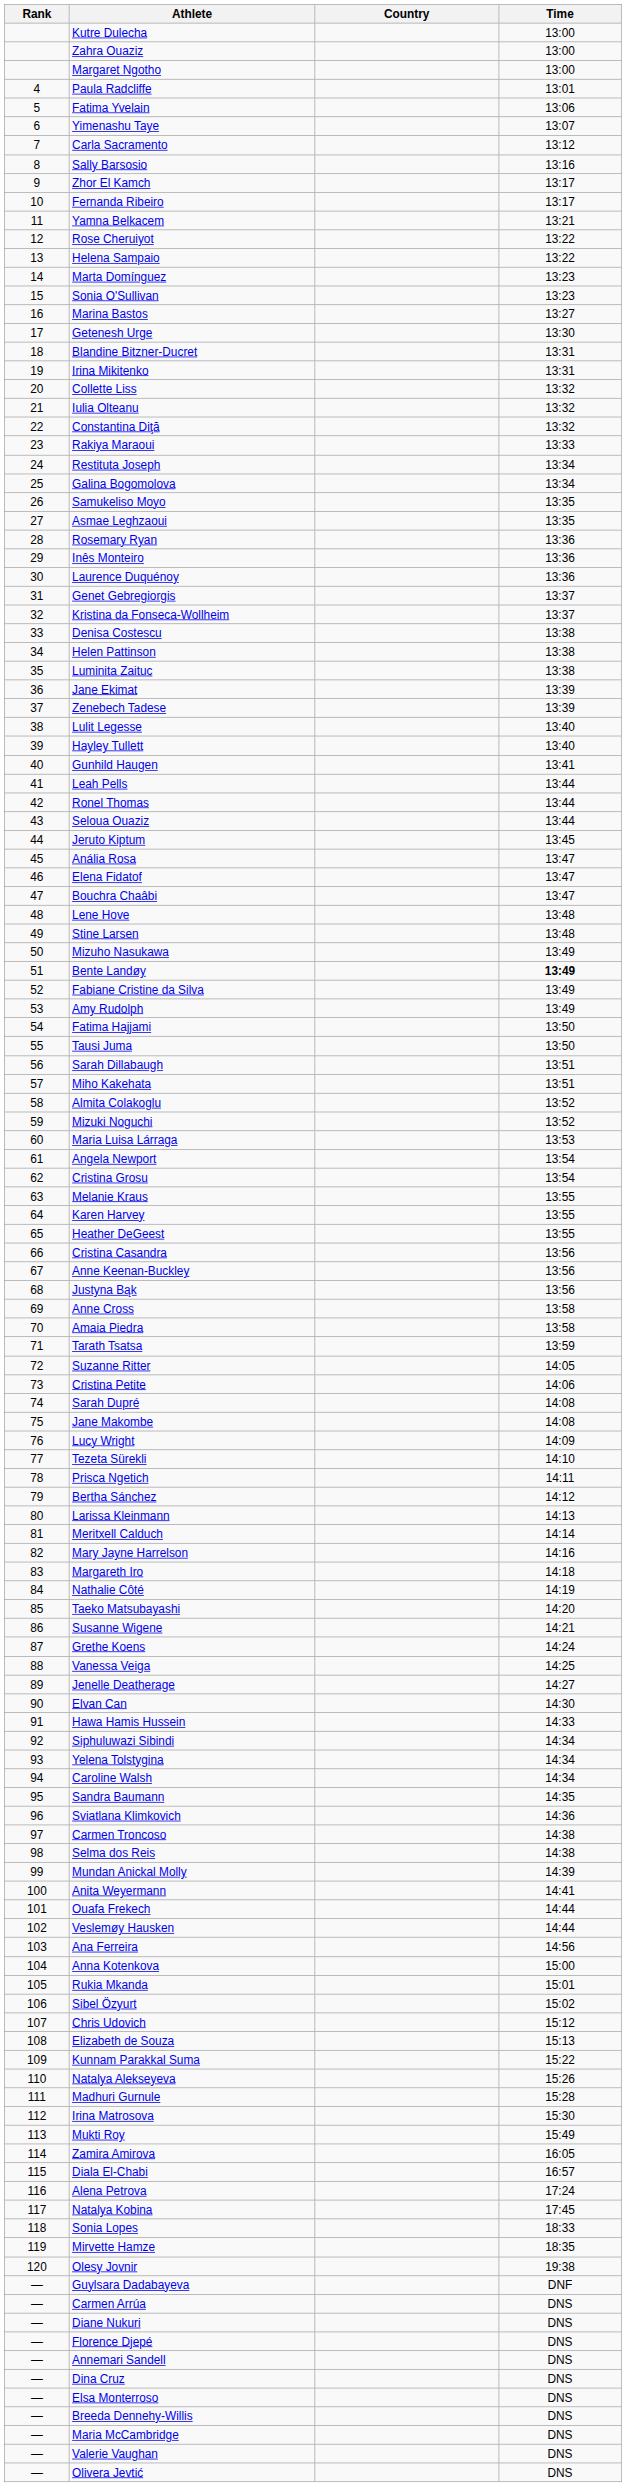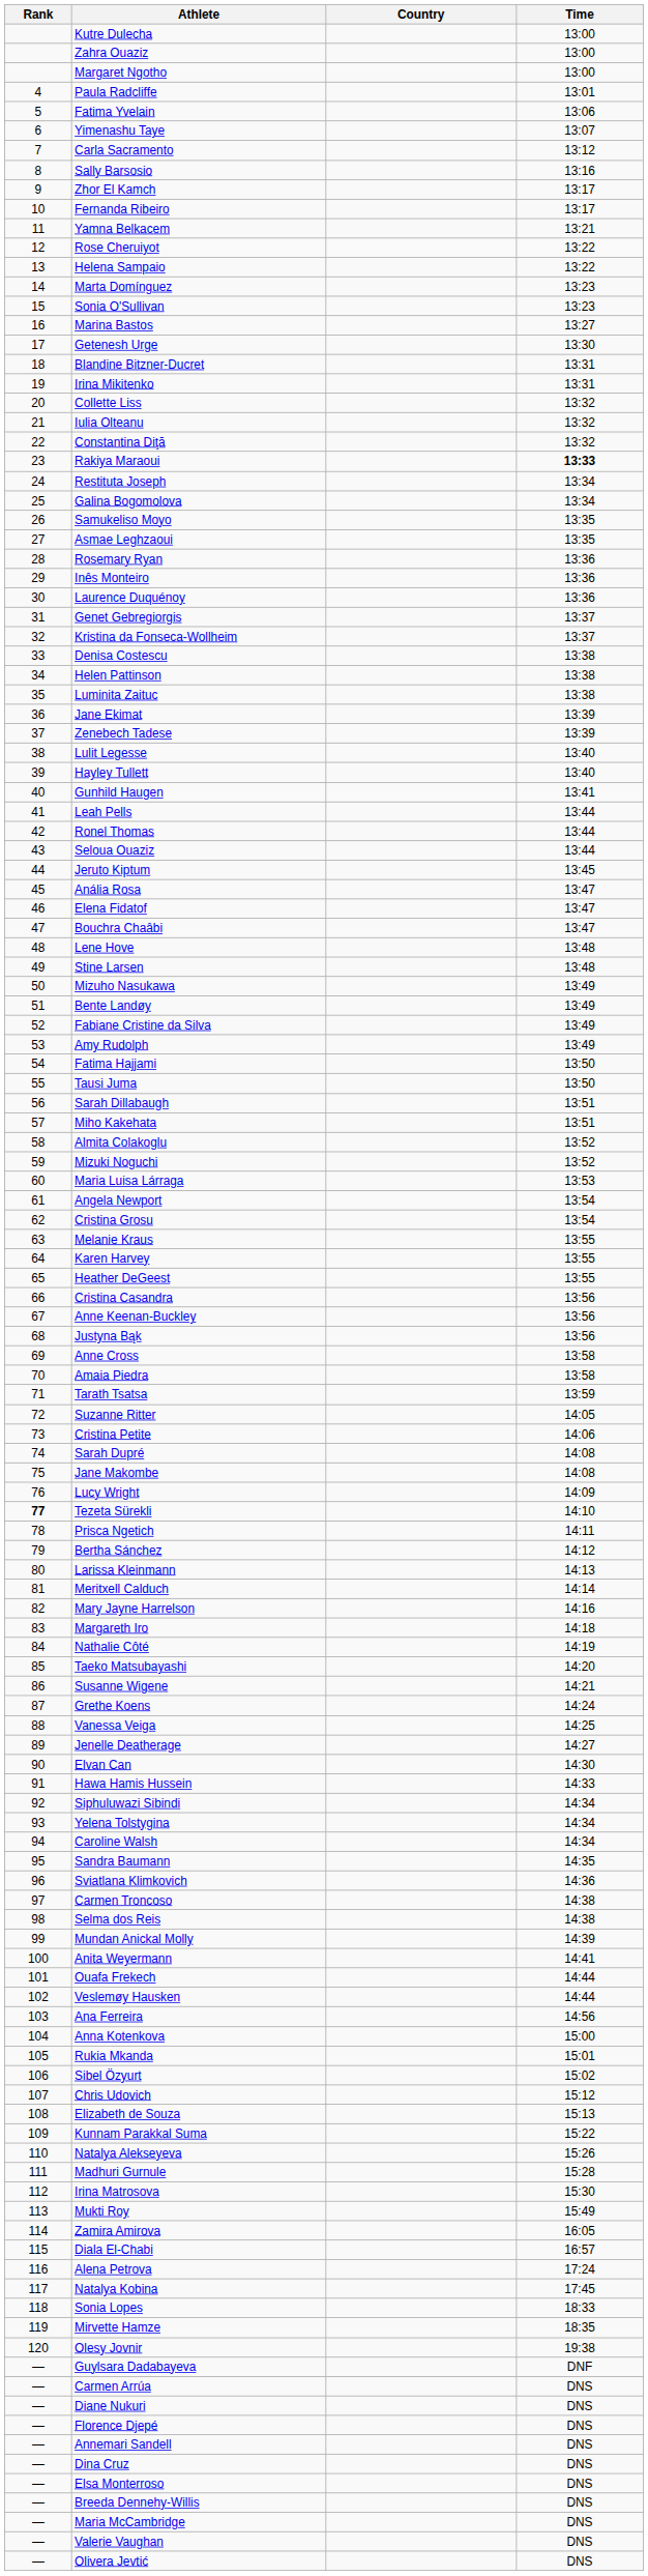 <table class="wikitable sortable" style=" text-align:center; font-size:95%;" width="50%">
 <tr>
 <th width=5%>Rank</th>
 <th width=20%>Athlete</th>
 <th width=15%>Country</th>
 <th width=10%>Time</th>
 </tr>
 <tr>
 <td align=center></td>
 <td align=left><a href='#'>Kutre Dulecha</a></td>
 <td align=left></td>
 <td>13:00</td>
 </tr>
 <tr>
 <td align=center></td>
 <td align=left><a href='#'>Zahra Ouaziz</a></td>
 <td align=left></td>
 <td>13:00</td>
 </tr>
 <tr>
 <td align=center></td>
 <td align=left><a href='#'>Margaret Ngotho</a></td>
 <td align=left></td>
 <td>13:00</td>
 </tr>
 <tr>
 <td align=center>4</td>
 <td align=left><a href='#'>Paula Radcliffe</a></td>
 <td align=left></td>
 <td>13:01</td>
 </tr>
 <tr>
 <td align=center>5</td>
 <td align=left><a href='#'>Fatima Yvelain</a></td>
 <td align=left></td>
 <td>13:06</td>
 </tr>
 <tr>
 <td align=center>6</td>
 <td align=left><a href='#'>Yimenashu Taye</a></td>
 <td align=left></td>
 <td>13:07</td>
 </tr>
 <tr>
 <td align=center>7</td>
 <td align=left><a href='#'>Carla Sacramento</a></td>
 <td align=left></td>
 <td>13:12</td>
 </tr>
 <tr>
 <td align=center>8</td>
 <td align=left><a href='#'>Sally Barsosio</a></td>
 <td align=left></td>
 <td>13:16</td>
 </tr>
 <tr>
 <td align=center>9</td>
 <td align=left><a href='#'>Zhor El Kamch</a></td>
 <td align=left></td>
 <td>13:17</td>
 </tr>
 <tr>
 <td align=center>10</td>
 <td align=left><a href='#'>Fernanda Ribeiro</a></td>
 <td align=left></td>
 <td>13:17</td>
 </tr>
 <tr>
 <td align=center>11</td>
 <td align=left><a href='#'>Yamna Belkacem</a></td>
 <td align=left></td>
 <td>13:21</td>
 </tr>
 <tr>
 <td align=center>12</td>
 <td align=left><a href='#'>Rose Cheruiyot</a></td>
 <td align=left></td>
 <td>13:22</td>
 </tr>
 <tr>
 <td align=center>13</td>
 <td align=left><a href='#'>Helena Sampaio</a></td>
 <td align=left></td>
 <td>13:22</td>
 </tr>
 <tr>
 <td align=center>14</td>
 <td align=left><a href='#'>Marta Domínguez</a></td>
 <td align=left></td>
 <td>13:23</td>
 </tr>
 <tr>
 <td align=center>15</td>
 <td align=left><a href='#'>Sonia O'Sullivan</a></td>
 <td align=left></td>
 <td>13:23</td>
 </tr>
 <tr>
 <td align=center>16</td>
 <td align=left><a href='#'>Marina Bastos</a></td>
 <td align=left></td>
 <td>13:27</td>
 </tr>
 <tr>
 <td align=center>17</td>
 <td align=left><a href='#'>Getenesh Urge</a></td>
 <td align=left></td>
 <td>13:30</td>
 </tr>
 <tr>
 <td align=center>18</td>
 <td align=left><a href='#'>Blandine Bitzner-Ducret</a></td>
 <td align=left></td>
 <td>13:31</td>
 </tr>
 <tr>
 <td align=center>19</td>
 <td align=left><a href='#'>Irina Mikitenko</a></td>
 <td align=left></td>
 <td>13:31</td>
 </tr>
 <tr>
 <td align=center>20</td>
 <td align=left><a href='#'>Collette Liss</a></td>
 <td align=left></td>
 <td>13:32</td>
 </tr>
 <tr>
 <td align=center>21</td>
 <td align=left><a href='#'>Iulia Olteanu</a></td>
 <td align=left></td>
 <td>13:32</td>
 </tr>
 <tr>
 <td align=center>22</td>
 <td align=left><a href='#'>Constantina Diţă</a></td>
 <td align=left></td>
 <td>13:32</td>
 </tr>
 <tr>
 <td align=center>23</td>
 <td align=left><a href='#'>Rakiya Maraoui</a></td>
 <td align=left></td>
-<td>13:33</td>
+<td><strong>13:33</strong></td>
 </tr>
 <tr>
 <td align=center>24</td>
 <td align=left><a href='#'>Restituta Joseph</a></td>
 <td align=left></td>
 <td>13:34</td>
 </tr>
 <tr>
 <td align=center>25</td>
 <td align=left><a href='#'>Galina Bogomolova</a></td>
 <td align=left></td>
 <td>13:34</td>
 </tr>
 <tr>
 <td align=center>26</td>
 <td align=left><a href='#'>Samukeliso Moyo</a></td>
 <td align=left></td>
 <td>13:35</td>
 </tr>
 <tr>
 <td align=center>27</td>
 <td align=left><a href='#'>Asmae Leghzaoui</a></td>
 <td align=left></td>
 <td>13:35</td>
 </tr>
 <tr>
 <td align=center>28</td>
 <td align=left><a href='#'>Rosemary Ryan</a></td>
 <td align=left></td>
 <td>13:36</td>
 </tr>
 <tr>
 <td align=center>29</td>
 <td align=left><a href='#'>Inês Monteiro</a></td>
 <td align=left></td>
 <td>13:36</td>
 </tr>
 <tr>
 <td align=center>30</td>
 <td align=left><a href='#'>Laurence Duquénoy</a></td>
 <td align=left></td>
 <td>13:36</td>
 </tr>
 <tr>
 <td align=center>31</td>
 <td align=left><a href='#'>Genet Gebregiorgis</a></td>
 <td align=left></td>
 <td>13:37</td>
 </tr>
 <tr>
 <td align=center>32</td>
 <td align=left><a href='#'>Kristina da Fonseca-Wollheim</a></td>
 <td align=left></td>
 <td>13:37</td>
 </tr>
 <tr>
 <td align=center>33</td>
 <td align=left><a href='#'>Denisa Costescu</a></td>
 <td align=left></td>
 <td>13:38</td>
 </tr>
 <tr>
 <td align=center>34</td>
 <td align=left><a href='#'>Helen Pattinson</a></td>
 <td align=left></td>
 <td>13:38</td>
 </tr>
 <tr>
 <td align=center>35</td>
 <td align=left><a href='#'>Luminita Zaituc</a></td>
 <td align=left></td>
 <td>13:38</td>
 </tr>
 <tr>
 <td align=center>36</td>
 <td align=left><a href='#'>Jane Ekimat</a></td>
 <td align=left></td>
 <td>13:39</td>
 </tr>
 <tr>
 <td align=center>37</td>
 <td align=left><a href='#'>Zenebech Tadese</a></td>
 <td align=left></td>
 <td>13:39</td>
 </tr>
 <tr>
 <td align=center>38</td>
 <td align=left><a href='#'>Lulit Legesse</a></td>
 <td align=left></td>
 <td>13:40</td>
 </tr>
 <tr>
 <td align=center>39</td>
 <td align=left><a href='#'>Hayley Tullett</a></td>
 <td align=left></td>
 <td>13:40</td>
 </tr>
 <tr>
 <td align=center>40</td>
 <td align=left><a href='#'>Gunhild Haugen</a></td>
 <td align=left></td>
 <td>13:41</td>
 </tr>
 <tr>
 <td align=center>41</td>
 <td align=left><a href='#'>Leah Pells</a></td>
 <td align=left></td>
 <td>13:44</td>
 </tr>
 <tr>
 <td align=center>42</td>
 <td align=left><a href='#'>Ronel Thomas</a></td>
 <td align=left></td>
 <td>13:44</td>
 </tr>
 <tr>
 <td align=center>43</td>
 <td align=left><a href='#'>Seloua Ouaziz</a></td>
 <td align=left></td>
 <td>13:44</td>
 </tr>
 <tr>
 <td align=center>44</td>
 <td align=left><a href='#'>Jeruto Kiptum</a></td>
 <td align=left></td>
 <td>13:45</td>
 </tr>
 <tr>
 <td align=center>45</td>
 <td align=left><a href='#'>Anália Rosa</a></td>
 <td align=left></td>
 <td>13:47</td>
 </tr>
 <tr>
 <td align=center>46</td>
 <td align=left><a href='#'>Elena Fidatof</a></td>
 <td align=left></td>
 <td>13:47</td>
 </tr>
 <tr>
 <td align=center>47</td>
 <td align=left><a href='#'>Bouchra Chaâbi</a></td>
 <td align=left></td>
 <td>13:47</td>
 </tr>
 <tr>
 <td align=center>48</td>
 <td align=left><a href='#'>Lene Hove</a></td>
 <td align=left></td>
 <td>13:48</td>
 </tr>
 <tr>
 <td align=center>49</td>
 <td align=left><a href='#'>Stine Larsen</a></td>
 <td align=left></td>
 <td>13:48</td>
 </tr>
 <tr>
 <td align=center>50</td>
 <td align=left><a href='#'>Mizuho Nasukawa</a></td>
 <td align=left></td>
 <td>13:49</td>
 </tr>
 <tr>
 <td align=center>51</td>
 <td align=left><a href='#'>Bente Landøy</a></td>
 <td align=left></td>
-<td><strong>13:49</strong></td>
+<td>13:49</td>
 </tr>
 <tr>
 <td align=center>52</td>
 <td align=left><a href='#'>Fabiane Cristine da Silva</a></td>
 <td align=left></td>
 <td>13:49</td>
 </tr>
 <tr>
 <td align=center>53</td>
 <td align=left><a href='#'>Amy Rudolph</a></td>
 <td align=left></td>
 <td>13:49</td>
 </tr>
 <tr>
 <td align=center>54</td>
 <td align=left><a href='#'>Fatima Hajjami</a></td>
 <td align=left></td>
 <td>13:50</td>
 </tr>
 <tr>
 <td align=center>55</td>
 <td align=left><a href='#'>Tausi Juma</a></td>
 <td align=left></td>
 <td>13:50</td>
 </tr>
 <tr>
 <td align=center>56</td>
 <td align=left><a href='#'>Sarah Dillabaugh</a></td>
 <td align=left></td>
 <td>13:51</td>
 </tr>
 <tr>
 <td align=center>57</td>
 <td align=left><a href='#'>Miho Kakehata</a></td>
 <td align=left></td>
 <td>13:51</td>
 </tr>
 <tr>
 <td align=center>58</td>
 <td align=left><a href='#'>Almita Colakoglu</a></td>
 <td align=left></td>
 <td>13:52</td>
 </tr>
 <tr>
 <td align=center>59</td>
 <td align=left><a href='#'>Mizuki Noguchi</a></td>
 <td align=left></td>
 <td>13:52</td>
 </tr>
 <tr>
 <td align=center>60</td>
 <td align=left><a href='#'>Maria Luisa Lárraga</a></td>
 <td align=left></td>
 <td>13:53</td>
 </tr>
 <tr>
 <td align=center>61</td>
 <td align=left><a href='#'>Angela Newport</a></td>
 <td align=left></td>
 <td>13:54</td>
 </tr>
 <tr>
 <td align=center>62</td>
 <td align=left><a href='#'>Cristina Grosu</a></td>
 <td align=left></td>
 <td>13:54</td>
 </tr>
 <tr>
 <td align=center>63</td>
 <td align=left><a href='#'>Melanie Kraus</a></td>
 <td align=left></td>
 <td>13:55</td>
 </tr>
 <tr>
 <td align=center>64</td>
 <td align=left><a href='#'>Karen Harvey</a></td>
 <td align=left></td>
 <td>13:55</td>
 </tr>
 <tr>
 <td align=center>65</td>
 <td align=left><a href='#'>Heather DeGeest</a></td>
 <td align=left></td>
 <td>13:55</td>
 </tr>
 <tr>
 <td align=center>66</td>
 <td align=left><a href='#'>Cristina Casandra</a></td>
 <td align=left></td>
 <td>13:56</td>
 </tr>
 <tr>
 <td align=center>67</td>
 <td align=left><a href='#'>Anne Keenan-Buckley</a></td>
 <td align=left></td>
 <td>13:56</td>
 </tr>
 <tr>
 <td align=center>68</td>
 <td align=left><a href='#'>Justyna Bąk</a></td>
 <td align=left></td>
 <td>13:56</td>
 </tr>
 <tr>
 <td align=center>69</td>
 <td align=left><a href='#'>Anne Cross</a></td>
 <td align=left></td>
 <td>13:58</td>
 </tr>
 <tr>
 <td align=center>70</td>
 <td align=left><a href='#'>Amaia Piedra</a></td>
 <td align=left></td>
 <td>13:58</td>
 </tr>
 <tr>
 <td align=center>71</td>
 <td align=left><a href='#'>Tarath Tsatsa</a></td>
 <td align=left></td>
 <td>13:59</td>
 </tr>
 <tr>
 <td align=center>72</td>
 <td align=left><a href='#'>Suzanne Ritter</a></td>
 <td align=left></td>
 <td>14:05</td>
 </tr>
 <tr>
 <td align=center>73</td>
 <td align=left><a href='#'>Cristina Petite</a></td>
 <td align=left></td>
 <td>14:06</td>
 </tr>
 <tr>
 <td align=center>74</td>
 <td align=left><a href='#'>Sarah Dupré</a></td>
 <td align=left></td>
 <td>14:08</td>
 </tr>
 <tr>
 <td align=center>75</td>
 <td align=left><a href='#'>Jane Makombe</a></td>
 <td align=left></td>
 <td>14:08</td>
 </tr>
 <tr>
 <td align=center>76</td>
 <td align=left><a href='#'>Lucy Wright</a></td>
 <td align=left></td>
 <td>14:09</td>
 </tr>
 <tr>
-<td align=center>77</td>
+<td align=center><strong>77</strong></td>
 <td align=left><a href='#'>Tezeta Sürekli</a></td>
 <td align=left></td>
 <td>14:10</td>
 </tr>
 <tr>
 <td align=center>78</td>
 <td align=left><a href='#'>Prisca Ngetich</a></td>
 <td align=left></td>
 <td>14:11</td>
 </tr>
 <tr>
 <td align=center>79</td>
 <td align=left><a href='#'>Bertha Sánchez</a></td>
 <td align=left></td>
 <td>14:12</td>
 </tr>
 <tr>
 <td align=center>80</td>
 <td align=left><a href='#'>Larissa Kleinmann</a></td>
 <td align=left></td>
 <td>14:13</td>
 </tr>
 <tr>
 <td align=center>81</td>
 <td align=left><a href='#'>Meritxell Calduch</a></td>
 <td align=left></td>
 <td>14:14</td>
 </tr>
 <tr>
 <td align=center>82</td>
 <td align=left><a href='#'>Mary Jayne Harrelson</a></td>
 <td align=left></td>
 <td>14:16</td>
 </tr>
 <tr>
 <td align=center>83</td>
 <td align=left><a href='#'>Margareth Iro</a></td>
 <td align=left></td>
 <td>14:18</td>
 </tr>
 <tr>
 <td align=center>84</td>
 <td align=left><a href='#'>Nathalie Côté</a></td>
 <td align=left></td>
 <td>14:19</td>
 </tr>
 <tr>
 <td align=center>85</td>
 <td align=left><a href='#'>Taeko Matsubayashi</a></td>
 <td align=left></td>
 <td>14:20</td>
 </tr>
 <tr>
 <td align=center>86</td>
 <td align=left><a href='#'>Susanne Wigene</a></td>
 <td align=left></td>
 <td>14:21</td>
 </tr>
 <tr>
 <td align=center>87</td>
 <td align=left><a href='#'>Grethe Koens</a></td>
 <td align=left></td>
 <td>14:24</td>
 </tr>
 <tr>
 <td align=center>88</td>
 <td align=left><a href='#'>Vanessa Veiga</a></td>
 <td align=left></td>
 <td>14:25</td>
 </tr>
 <tr>
 <td align=center>89</td>
 <td align=left><a href='#'>Jenelle Deatherage</a></td>
 <td align=left></td>
 <td>14:27</td>
 </tr>
 <tr>
 <td align=center>90</td>
 <td align=left><a href='#'>Elvan Can</a></td>
 <td align=left></td>
 <td>14:30</td>
 </tr>
 <tr>
 <td align=center>91</td>
 <td align=left><a href='#'>Hawa Hamis Hussein</a></td>
 <td align=left></td>
 <td>14:33</td>
 </tr>
 <tr>
 <td align=center>92</td>
 <td align=left><a href='#'>Siphuluwazi Sibindi</a></td>
 <td align=left></td>
 <td>14:34</td>
 </tr>
 <tr>
 <td align=center>93</td>
 <td align=left><a href='#'>Yelena Tolstygina</a></td>
 <td align=left></td>
 <td>14:34</td>
 </tr>
 <tr>
 <td align=center>94</td>
 <td align=left><a href='#'>Caroline Walsh</a></td>
 <td align=left></td>
 <td>14:34</td>
 </tr>
 <tr>
 <td align=center>95</td>
 <td align=left><a href='#'>Sandra Baumann</a></td>
 <td align=left></td>
 <td>14:35</td>
 </tr>
 <tr>
 <td align=center>96</td>
 <td align=left><a href='#'>Sviatlana Klimkovich</a></td>
 <td align=left></td>
 <td>14:36</td>
 </tr>
 <tr>
 <td align=center>97</td>
 <td align=left><a href='#'>Carmen Troncoso</a></td>
 <td align=left></td>
 <td>14:38</td>
 </tr>
 <tr>
 <td align=center>98</td>
 <td align=left><a href='#'>Selma dos Reis</a></td>
 <td align=left></td>
 <td>14:38</td>
 </tr>
 <tr>
 <td align=center>99</td>
 <td align=left><a href='#'>Mundan Anickal Molly</a></td>
 <td align=left></td>
 <td>14:39</td>
 </tr>
 <tr>
 <td align=center>100</td>
 <td align=left><a href='#'>Anita Weyermann</a></td>
 <td align=left></td>
 <td>14:41</td>
 </tr>
 <tr>
 <td align=center>101</td>
 <td align=left><a href='#'>Ouafa Frekech</a></td>
 <td align=left></td>
 <td>14:44</td>
 </tr>
 <tr>
 <td align=center>102</td>
 <td align=left><a href='#'>Veslemøy Hausken</a></td>
 <td align=left></td>
 <td>14:44</td>
 </tr>
 <tr>
 <td align=center>103</td>
 <td align=left><a href='#'>Ana Ferreira</a></td>
 <td align=left></td>
 <td>14:56</td>
 </tr>
 <tr>
 <td align=center>104</td>
 <td align=left><a href='#'>Anna Kotenkova</a></td>
 <td align=left></td>
 <td>15:00</td>
 </tr>
 <tr>
 <td align=center>105</td>
 <td align=left><a href='#'>Rukia Mkanda</a></td>
 <td align=left></td>
 <td>15:01</td>
 </tr>
 <tr>
 <td align=center>106</td>
 <td align=left><a href='#'>Sibel Özyurt</a></td>
 <td align=left></td>
 <td>15:02</td>
 </tr>
 <tr>
 <td align=center>107</td>
 <td align=left><a href='#'>Chris Udovich</a></td>
 <td align=left></td>
 <td>15:12</td>
 </tr>
 <tr>
 <td align=center>108</td>
 <td align=left><a href='#'>Elizabeth de Souza</a></td>
 <td align=left></td>
 <td>15:13</td>
 </tr>
 <tr>
 <td align=center>109</td>
 <td align=left><a href='#'>Kunnam Parakkal Suma</a></td>
 <td align=left></td>
 <td>15:22</td>
 </tr>
 <tr>
 <td align=center>110</td>
 <td align=left><a href='#'>Natalya Alekseyeva</a></td>
 <td align=left></td>
 <td>15:26</td>
 </tr>
 <tr>
 <td align=center>111</td>
 <td align=left><a href='#'>Madhuri Gurnule</a></td>
 <td align=left></td>
 <td>15:28</td>
 </tr>
 <tr>
 <td align=center>112</td>
 <td align=left><a href='#'>Irina Matrosova</a></td>
 <td align=left></td>
 <td>15:30</td>
 </tr>
 <tr>
 <td align=center>113</td>
 <td align=left><a href='#'>Mukti Roy</a></td>
 <td align=left></td>
 <td>15:49</td>
 </tr>
 <tr>
 <td align=center>114</td>
 <td align=left><a href='#'>Zamira Amirova</a></td>
 <td align=left></td>
 <td>16:05</td>
 </tr>
 <tr>
 <td align=center>115</td>
 <td align=left><a href='#'>Diala El-Chabi</a></td>
 <td align=left></td>
 <td>16:57</td>
 </tr>
 <tr>
 <td align=center>116</td>
 <td align=left><a href='#'>Alena Petrova</a></td>
 <td align=left></td>
 <td>17:24</td>
 </tr>
 <tr>
 <td align=center>117</td>
 <td align=left><a href='#'>Natalya Kobina</a></td>
 <td align=left></td>
 <td>17:45</td>
 </tr>
 <tr>
 <td align=center>118</td>
 <td align=left><a href='#'>Sonia Lopes</a></td>
 <td align=left></td>
 <td>18:33</td>
 </tr>
 <tr>
 <td align=center>119</td>
 <td align=left><a href='#'>Mirvette Hamze</a></td>
 <td align=left></td>
 <td>18:35</td>
 </tr>
 <tr>
 <td align=center>120</td>
 <td align=left><a href='#'>Olesy Jovnir</a></td>
 <td align=left></td>
 <td>19:38</td>
 </tr>
 <tr>
 <td align=center>—</td>
 <td align=left><a href='#'>Guylsara Dadabayeva</a></td>
 <td align=left></td>
 <td>DNF</td>
 </tr>
 <tr>
 <td align=center>—</td>
 <td align=left><a href='#'>Carmen Arrúa</a></td>
 <td align=left></td>
 <td>DNS</td>
 </tr>
 <tr>
 <td align=center>—</td>
 <td align=left><a href='#'>Diane Nukuri</a></td>
 <td align=left></td>
 <td>DNS</td>
 </tr>
 <tr>
 <td align=center>—</td>
 <td align=left><a href='#'>Florence Djepé</a></td>
 <td align=left></td>
 <td>DNS</td>
 </tr>
 <tr>
 <td align=center>—</td>
 <td align=left><a href='#'>Annemari Sandell</a></td>
 <td align=left></td>
 <td>DNS</td>
 </tr>
 <tr>
 <td align=center>—</td>
 <td align=left><a href='#'>Dina Cruz</a></td>
 <td align=left></td>
 <td>DNS</td>
 </tr>
 <tr>
 <td align=center>—</td>
 <td align=left><a href='#'>Elsa Monterroso</a></td>
 <td align=left></td>
 <td>DNS</td>
 </tr>
 <tr>
 <td align=center>—</td>
 <td align=left><a href='#'>Breeda Dennehy-Willis</a></td>
 <td align=left></td>
 <td>DNS</td>
 </tr>
 <tr>
 <td align=center>—</td>
 <td align=left><a href='#'>Maria McCambridge</a></td>
 <td align=left></td>
 <td>DNS</td>
 </tr>
 <tr>
 <td align=center>—</td>
 <td align=left><a href='#'>Valerie Vaughan</a></td>
 <td align=left></td>
 <td>DNS</td>
 </tr>
 <tr>
 <td align=center>—</td>
 <td align=left><a href='#'>Olivera Jevtić</a></td>
 <td align=left></td>
 <td>DNS</td>
 </tr>
 </table>
